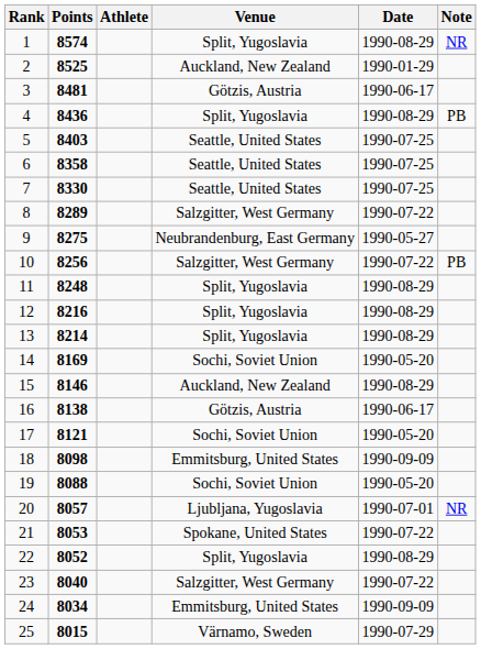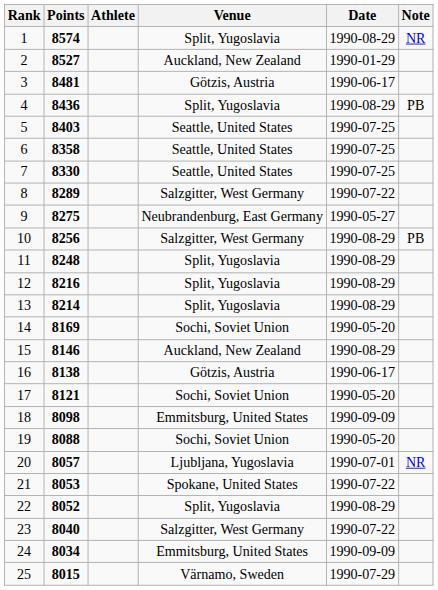 <table class="wikitable" style=" text-align:center;">
 <tr>
 <th>Rank</th>
 <th>Points</th>
 <th>Athlete</th>
 <th>Venue</th>
 <th>Date</th>
 <th>Note</th>
 </tr>
 <tr>
 <td>1</td>
 <td><strong>8574</strong></td>
 <td align=left></td>
 <td>Split, Yugoslavia</td>
 <td>1990-08-29</td>
 <td><a href='#'>NR</a></td>
 </tr>
 <tr>
 <td>2</td>
-<td><strong>8525</strong></td>
+<td><strong>8527</strong></td>
 <td align=left></td>
 <td>Auckland, New Zealand</td>
 <td>1990-01-29</td>
 <td></td>
 </tr>
 <tr>
 <td>3</td>
 <td><strong>8481</strong></td>
 <td align=left></td>
 <td>Götzis, Austria</td>
 <td>1990-06-17</td>
 <td></td>
 </tr>
 <tr>
 <td>4</td>
 <td><strong>8436</strong></td>
 <td align=left></td>
 <td>Split, Yugoslavia</td>
 <td>1990-08-29</td>
 <td>PB</td>
 </tr>
 <tr>
 <td>5</td>
 <td><strong>8403</strong></td>
 <td align=left></td>
 <td>Seattle, United States</td>
 <td>1990-07-25</td>
 <td></td>
 </tr>
 <tr>
 <td>6</td>
 <td><strong>8358</strong></td>
 <td align=left></td>
 <td>Seattle, United States</td>
 <td>1990-07-25</td>
 <td></td>
 </tr>
 <tr>
 <td>7</td>
 <td><strong>8330</strong></td>
 <td align=left></td>
 <td>Seattle, United States</td>
 <td>1990-07-25</td>
 <td></td>
 </tr>
 <tr>
 <td>8</td>
 <td><strong>8289</strong></td>
 <td align=left></td>
 <td>Salzgitter, West Germany</td>
 <td>1990-07-22</td>
 <td></td>
 </tr>
 <tr>
 <td>9</td>
 <td><strong>8275</strong></td>
 <td align=left></td>
 <td>Neubrandenburg, East Germany</td>
 <td>1990-05-27</td>
 <td></td>
 </tr>
 <tr>
 <td>10</td>
 <td><strong>8256</strong></td>
 <td align=left></td>
 <td>Salzgitter, West Germany</td>
-<td>1990-07-22</td>
+<td>1990-08-29</td>
 <td>PB</td>
 </tr>
 <tr>
 <td>11</td>
 <td><strong>8248</strong></td>
 <td align=left></td>
 <td>Split, Yugoslavia</td>
 <td>1990-08-29</td>
 <td></td>
 </tr>
 <tr>
 <td>12</td>
 <td><strong>8216</strong></td>
 <td align=left></td>
 <td>Split, Yugoslavia</td>
 <td>1990-08-29</td>
 <td></td>
 </tr>
 <tr>
 <td>13</td>
 <td><strong>8214</strong></td>
 <td align=left></td>
 <td>Split, Yugoslavia</td>
 <td>1990-08-29</td>
 <td></td>
 </tr>
 <tr>
 <td>14</td>
 <td><strong>8169</strong></td>
 <td align=left></td>
 <td>Sochi, Soviet Union</td>
 <td>1990-05-20</td>
 <td></td>
 </tr>
 <tr>
 <td>15</td>
 <td><strong>8146</strong></td>
 <td align=left></td>
 <td>Auckland, New Zealand</td>
 <td>1990-08-29</td>
 <td></td>
 </tr>
 <tr>
 <td>16</td>
 <td><strong>8138</strong></td>
 <td align=left></td>
 <td>Götzis, Austria</td>
 <td>1990-06-17</td>
 <td></td>
 </tr>
 <tr>
 <td>17</td>
 <td><strong>8121</strong></td>
 <td align=left></td>
 <td>Sochi, Soviet Union</td>
 <td>1990-05-20</td>
 <td></td>
 </tr>
 <tr>
 <td>18</td>
 <td><strong>8098</strong></td>
 <td align=left></td>
 <td>Emmitsburg, United States</td>
 <td>1990-09-09</td>
 <td></td>
 </tr>
 <tr>
 <td>19</td>
 <td><strong>8088</strong></td>
 <td align=left></td>
 <td>Sochi, Soviet Union</td>
 <td>1990-05-20</td>
 <td></td>
 </tr>
 <tr>
 <td>20</td>
 <td><strong>8057</strong></td>
 <td align=left></td>
 <td>Ljubljana, Yugoslavia</td>
 <td>1990-07-01</td>
 <td><a href='#'>NR</a></td>
 </tr>
 <tr>
 <td>21</td>
 <td><strong>8053</strong></td>
 <td align=left></td>
 <td>Spokane, United States</td>
 <td>1990-07-22</td>
 <td></td>
 </tr>
 <tr>
 <td>22</td>
 <td><strong>8052</strong></td>
 <td align=left></td>
 <td>Split, Yugoslavia</td>
 <td>1990-08-29</td>
 <td></td>
 </tr>
 <tr>
 <td>23</td>
 <td><strong>8040</strong></td>
 <td align=left></td>
 <td>Salzgitter, West Germany</td>
 <td>1990-07-22</td>
 <td></td>
 </tr>
 <tr>
 <td>24</td>
 <td><strong>8034</strong></td>
 <td align=left></td>
 <td>Emmitsburg, United States</td>
 <td>1990-09-09</td>
 <td></td>
 </tr>
 <tr>
 <td>25</td>
 <td><strong>8015</strong></td>
 <td align=left></td>
 <td>Värnamo, Sweden</td>
 <td>1990-07-29</td>
 <td></td>
 </tr>
 </table>
